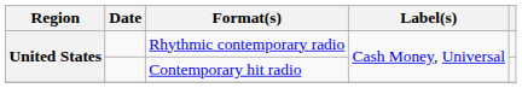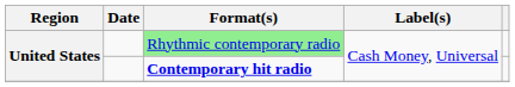 <table class="wikitable plainrowheaders" style="text-align:left">
 <tr>
 <th scope="col">Region</th>
 <th scope="col">Date</th>
 <th scope="col">Format(s)</th>
 <th scope="col">Label(s)</th>
 <th scope="col"></th>
 </tr>
 <tr>
 <th scope="row" rowspan="2">United States</th>
 <td></td>
-<td><a href='#'>Rhythmic contemporary radio</a></td>
+<td style="background: lightgreen;"><a href='#'>Rhythmic contemporary radio</a></td>
 <td rowspan="2"><a href='#'>Cash Money</a>, <a href='#'>Universal</a></td>
 <td></td>
 </tr>
 <tr>
 <td></td>
-<td><a href='#'>Contemporary hit radio</a></td>
+<td><strong><a href='#'>Contemporary hit radio</a></strong></td>
 <td></td>
 </tr>
 <tr>
 </tr>
 </table>
